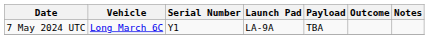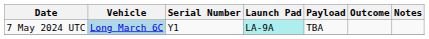 <table class=wikitable>
 <tr>
 <th>Date</th>
 <th>Vehicle</th>
 <th>Serial Number</th>
 <th>Launch Pad</th>
 <th>Payload</th>
 <th>Outcome</th>
 <th>Notes</th>
 </tr>
 <tr>
 <td>7 May 2024 UTC</td>
-<td><a href='#'>Long March 6C</a></td>
+<td style="background: lightblue;"><a href='#'>Long March 6C</a></td>
 <td>Y1</td>
-<td>LA-9A</td>
+<td style="background: paleturquoise;">LA-9A</td>
 <td>TBA</td>
 <td></td>
 <td></td>
 </tr>
 <tr>
 </tr>
 </table>
